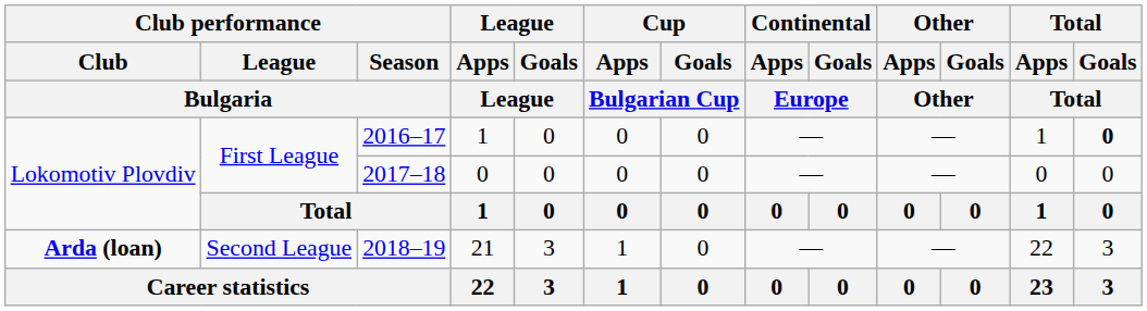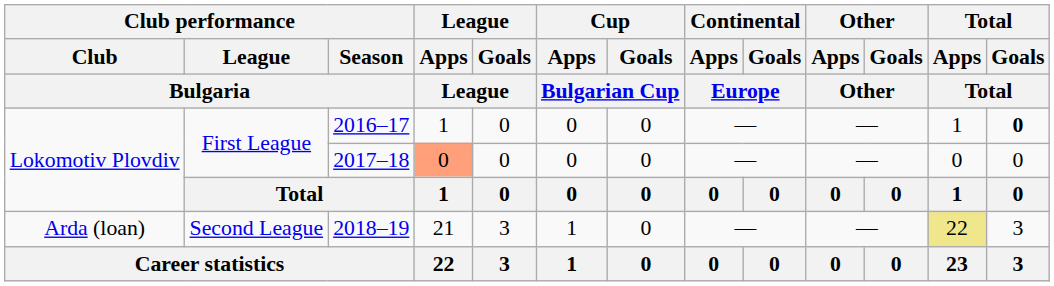 <table class="wikitable" style="text-align: center">
 <tr>
 <th Colspan="3">Club performance</th>
 <th Colspan="2">League</th>
 <th Colspan="2">Cup</th>
 <th Colspan="2">Continental</th>
 <th Colspan="2">Other</th>
 <th Colspan="3">Total</th>
 </tr>
 <tr>
 <th>Club</th>
 <th>League</th>
 <th>Season</th>
 <th>Apps</th>
 <th>Goals</th>
 <th>Apps</th>
 <th>Goals</th>
 <th>Apps</th>
 <th>Goals</th>
 <th>Apps</th>
 <th>Goals</th>
 <th>Apps</th>
 <th>Goals</th>
 </tr>
 <tr>
 <th Colspan="3">Bulgaria</th>
 <th Colspan="2">League</th>
 <th Colspan="2"><a href='#'>Bulgarian Cup</a></th>
 <th Colspan="2"><a href='#'>Europe</a></th>
 <th Colspan="2">Other</th>
 <th Colspan="2">Total</th>
 </tr>
 <tr>
 <td rowspan="3" valign="center"><a href='#'>Lokomotiv Plovdiv</a></td>
 <td rowspan="2"><a href='#'>First League</a></td>
 <td><a href='#'>2016–17</a></td>
 <td>1</td>
 <td>0</td>
 <td>0</td>
 <td>0</td>
 <td colspan="2">—</td>
 <td colspan="2">—</td>
 <td>1</td>
 <td><strong>0</strong></td>
 </tr>
 <tr>
 <td><a href='#'>2017–18</a></td>
-<td>0</td>
+<td style="background: lightsalmon;">0</td>
 <td>0</td>
 <td>0</td>
 <td>0</td>
 <td colspan="2">—</td>
 <td colspan="2">—</td>
 <td>0</td>
 <td>0</td>
 </tr>
 <tr>
 <th colspan=2>Total</th>
 <th>1</th>
 <th>0</th>
 <th>0</th>
 <th>0</th>
 <th>0</th>
 <th>0</th>
 <th>0</th>
 <th>0</th>
 <th>1</th>
 <th>0</th>
 </tr>
 <tr>
-<td rowspan="1" valign="center"><strong><a href='#'>Arda</a> (loan)</strong></td>
+<td rowspan="1" valign="center"><a href='#'>Arda</a> (loan)</td>
 <td rowspan="1"><a href='#'>Second League</a></td>
 <td><a href='#'>2018–19</a></td>
 <td>21</td>
 <td>3</td>
 <td>1</td>
 <td>0</td>
 <td colspan="2">—</td>
 <td colspan="2">—</td>
-<td>22</td>
+<td style="background: khaki;">22</td>
 <td>3</td>
 </tr>
 <tr>
 <th colspan="3">Career statistics</th>
 <th>22</th>
 <th>3</th>
 <th>1</th>
 <th>0</th>
 <th>0</th>
 <th>0</th>
 <th>0</th>
 <th>0</th>
 <th>23</th>
 <th>3</th>
 </tr>
 </table>
